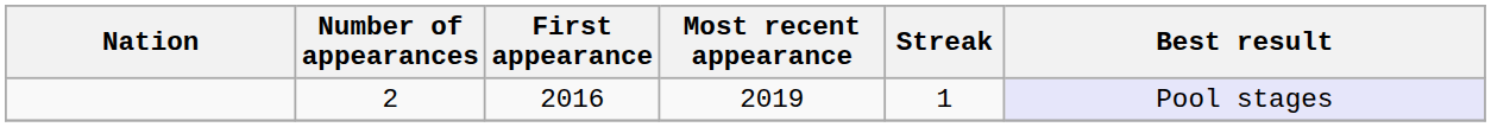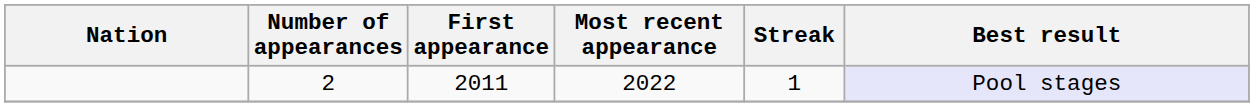 <table class="wikitable sortable" style="font-size:97%; text-align:center">
 <tr>
 <th width="130">Nation</th>
 <th width="60">Number of appearances</th>
 <th width="60">First appearance</th>
 <th width="100">Most recent appearance</th>
 <th width="50">Streak</th>
 <th width="220">Best result</th>
 </tr>
 <tr>
 <td align=left></td>
 <td>2</td>
-<td>2016</td>
-<td>2019</td>
+<td>2011</td>
+<td>2022</td>
 <td>1</td>
 <td style="background: lavender;">Pool stages</td>
 </tr>
 <tr>
 </tr>
 </table>
